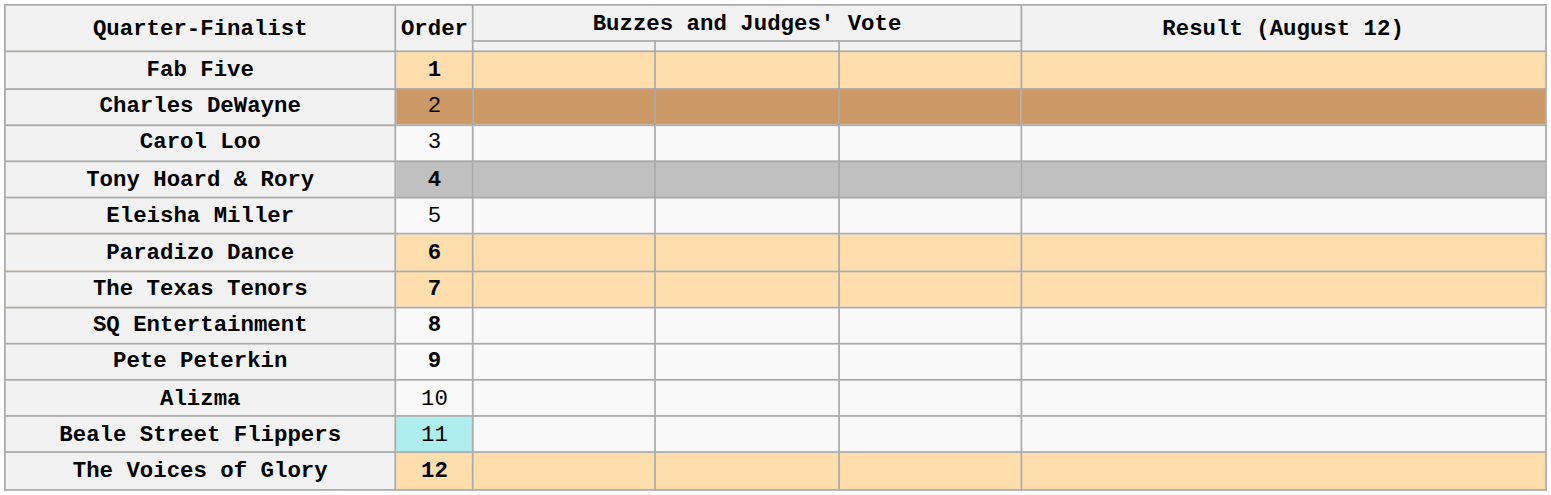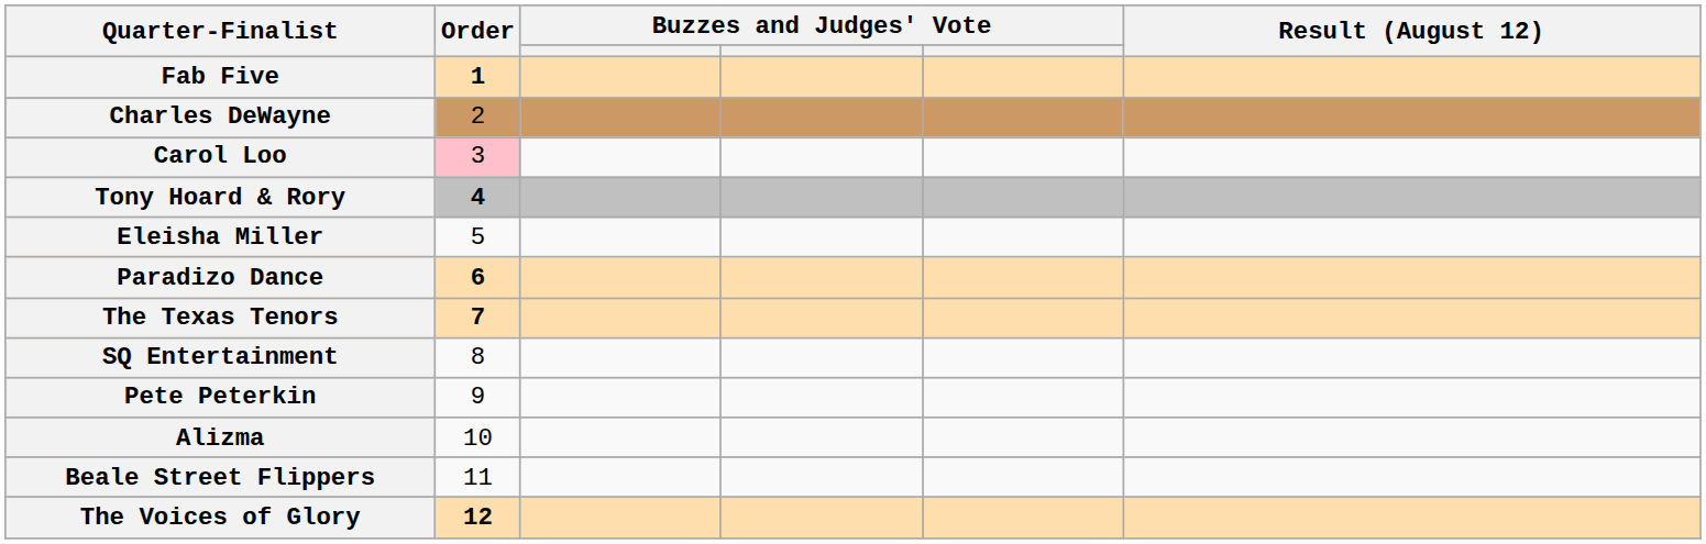 <table class="wikitable plainrowheaders sortable" style="text-align:center;">
 <tr>
 <th scope="col" rowspan="2" class="unsortable" style="width:17em;">Quarter-Finalist</th>
 <th scope="col" rowspan="2" style="width:1em;">Order</th>
 <th scope="col" colspan="3" class="unsortable" style="width:24em;">Buzzes and Judges' Vote</th>
 <th scope="col" rowspan="2" style="width:23em;">Result (August 12)</th>
 </tr>
 <tr>
 <th scope="col" class="unsortable" style="width:6em;"></th>
 <th scope="col" class="unsortable" style="width:6em;"></th>
 <th scope="col" class="unsortable" style="width:6em;"></th>
 </tr>
 <tr style="background:NavajoWhite;">
 <th scope="row"><strong>Fab Five</strong></th>
 <td><strong>1</strong></td>
 <td style="text-align:center;"></td>
 <td style="text-align:center;"></td>
 <td style="text-align:center;"></td>
 <td><strong></strong></td>
 </tr>
 <tr style="background:#c96;">
 <th scope="row">Charles DeWayne</th>
 <td>2</td>
 <td style="text-align:center;"></td>
 <td style="text-align:center;"></td>
 <td style="text-align:center;"></td>
 <td></td>
 </tr>
 <tr>
 <th scope="row">Carol Loo</th>
-<td>3</td>
+<td style="background: pink;">3</td>
 <td style="text-align:center;"></td>
 <td style="text-align:center;"></td>
 <td style="text-align:center;"></td>
 <td></td>
 </tr>
 <tr style="background:silver;">
 <th scope="row"><strong>Tony Hoard & Rory</strong></th>
 <td><strong>4</strong></td>
 <td style="text-align:center;"></td>
 <td style="text-align:center;"></td>
 <td style="text-align:center;"></td>
 <td><strong></strong></td>
 </tr>
 <tr>
 <th scope="row">Eleisha Miller</th>
 <td>5</td>
 <td style="text-align:center;"></td>
 <td style="text-align:center;"></td>
 <td style="text-align:center;"></td>
 <td></td>
 </tr>
 <tr style="background:NavajoWhite;">
 <th scope="row"><strong>Paradizo Dance</strong></th>
 <td><strong>6</strong></td>
 <td style="text-align:center;"></td>
 <td style="text-align:center;"></td>
 <td style="text-align:center;"></td>
 <td><strong></strong></td>
 </tr>
 <tr style="background:NavajoWhite;">
 <th scope="row"><strong>The Texas Tenors</strong></th>
 <td><strong>7</strong></td>
 <td style="text-align:center;"></td>
 <td style="text-align:center;"></td>
 <td style="text-align:center;"></td>
 <td><strong></strong></td>
 </tr>
 <tr>
 <th scope="row">SQ Entertainment</th>
-<td><strong>8</strong></td>
+<td>8</td>
 <td style="text-align:center;"></td>
 <td style="text-align:center;"></td>
 <td style="text-align:center;"></td>
 <td></td>
 </tr>
 <tr>
 <th scope="row">Pete Peterkin</th>
-<td><strong>9</strong></td>
+<td>9</td>
 <td style="text-align:center;"></td>
 <td style="text-align:center;"></td>
 <td style="text-align:center;"></td>
 <td></td>
 </tr>
 <tr>
 <th scope="row">Alizma</th>
 <td>10</td>
 <td style="text-align:center;"></td>
 <td style="text-align:center;"></td>
 <td style="text-align:center;"></td>
 <td></td>
 </tr>
 <tr>
 <th scope="row">Beale Street Flippers</th>
-<td style="background: paleturquoise;">11</td>
+<td>11</td>
 <td style="text-align:center;"></td>
 <td style="text-align:center;"></td>
 <td style="text-align:center;"></td>
 <td></td>
 </tr>
 <tr style="background:NavajoWhite;">
 <th scope="row"><strong>The Voices of Glory</strong></th>
 <td><strong>12</strong></td>
 <td style="text-align: center;"></td>
 <td style="text-align: center;"></td>
 <td style="text-align: center;"></td>
 <td><strong></strong></td>
 </tr>
 </table>
